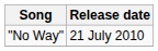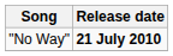 <table class="wikitable">
 <tr>
 <th>Song</th>
 <th>Release date</th>
 </tr>
 <tr>
 <td>"No Way"</td>
-<td>21 July 2010</td>
+<td><strong>21 July 2010</strong></td>
 </tr>
 <tr>
 </tr>
 </table>
